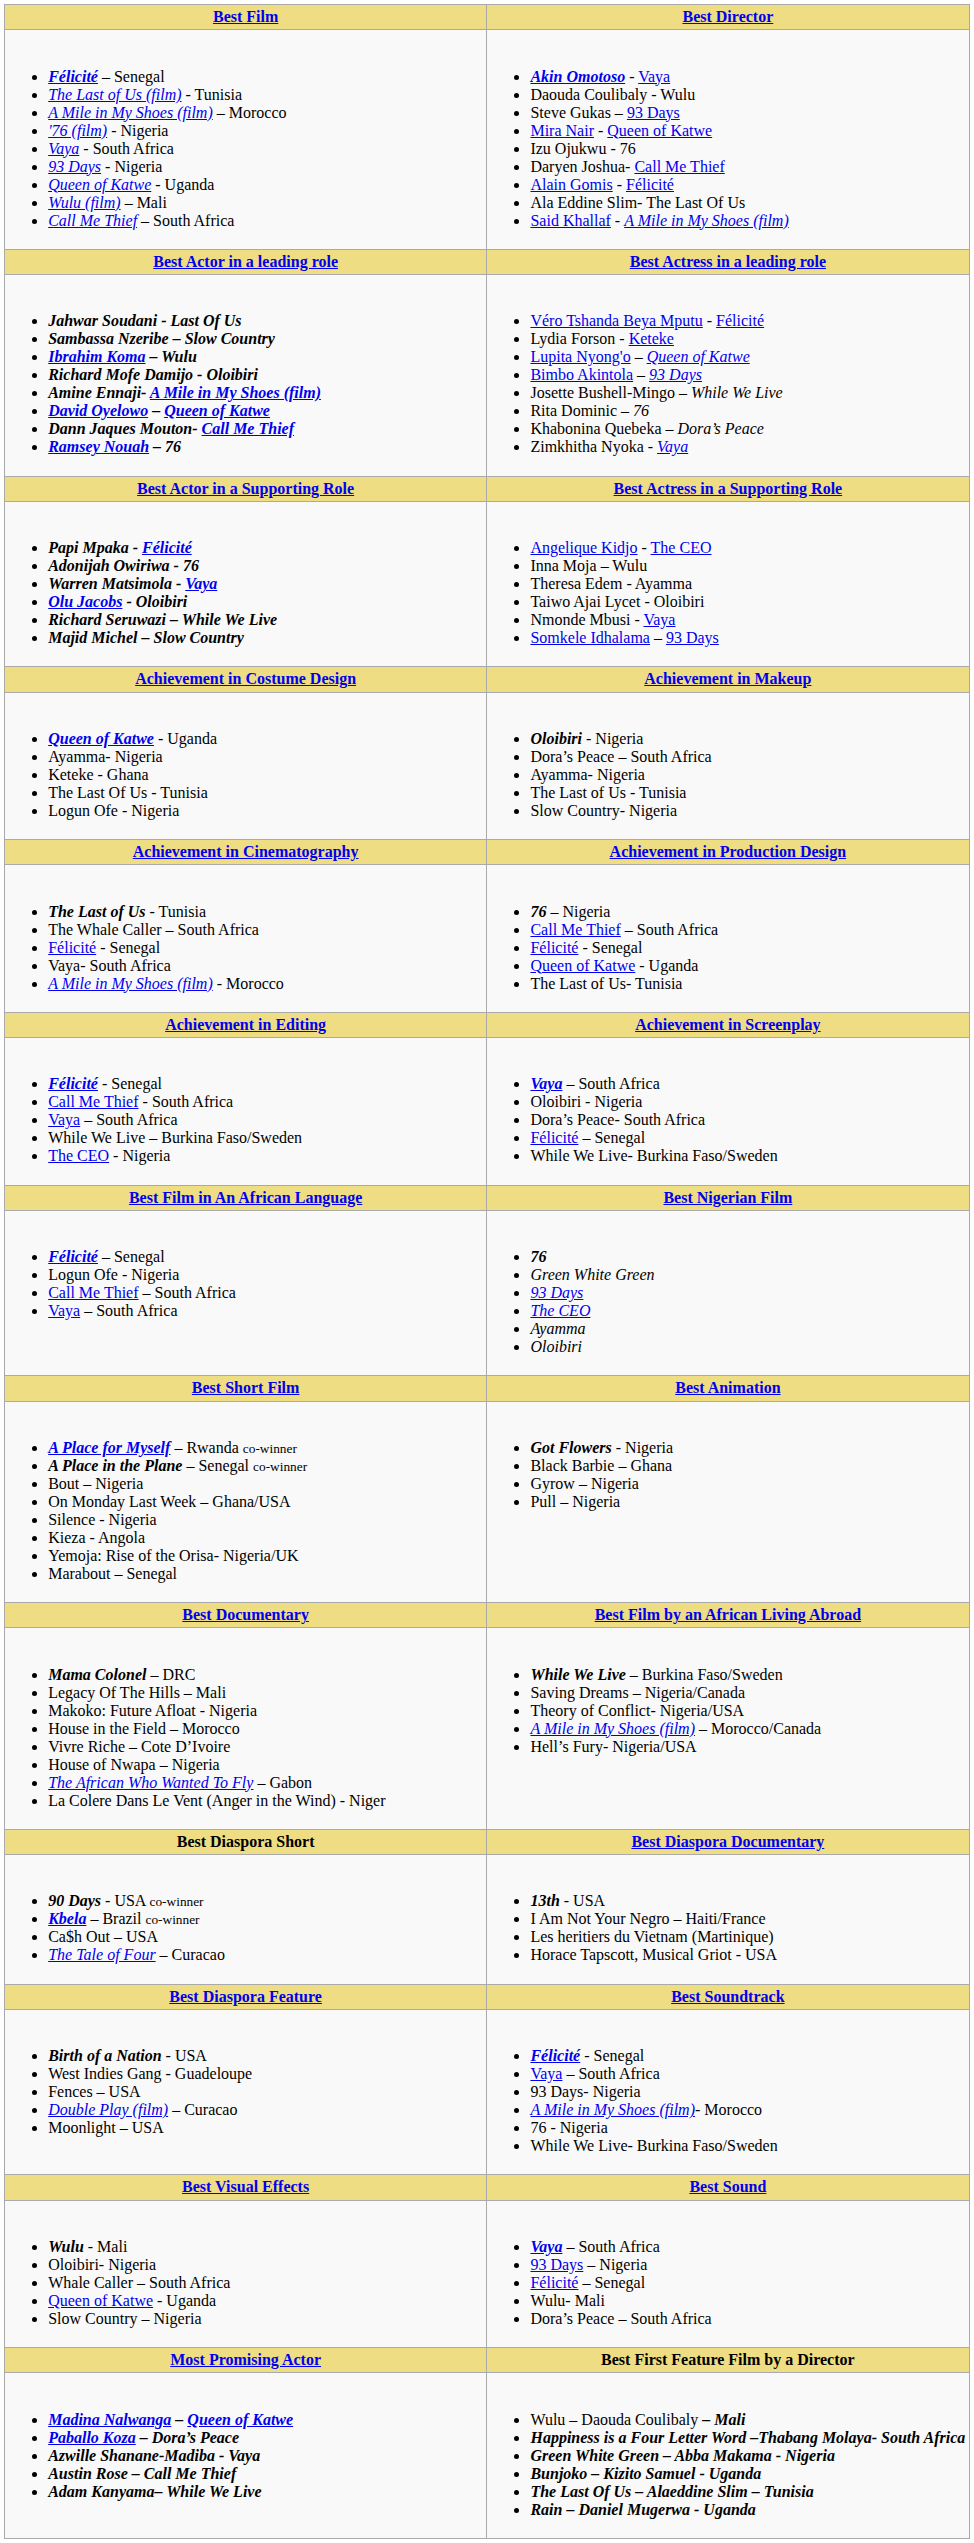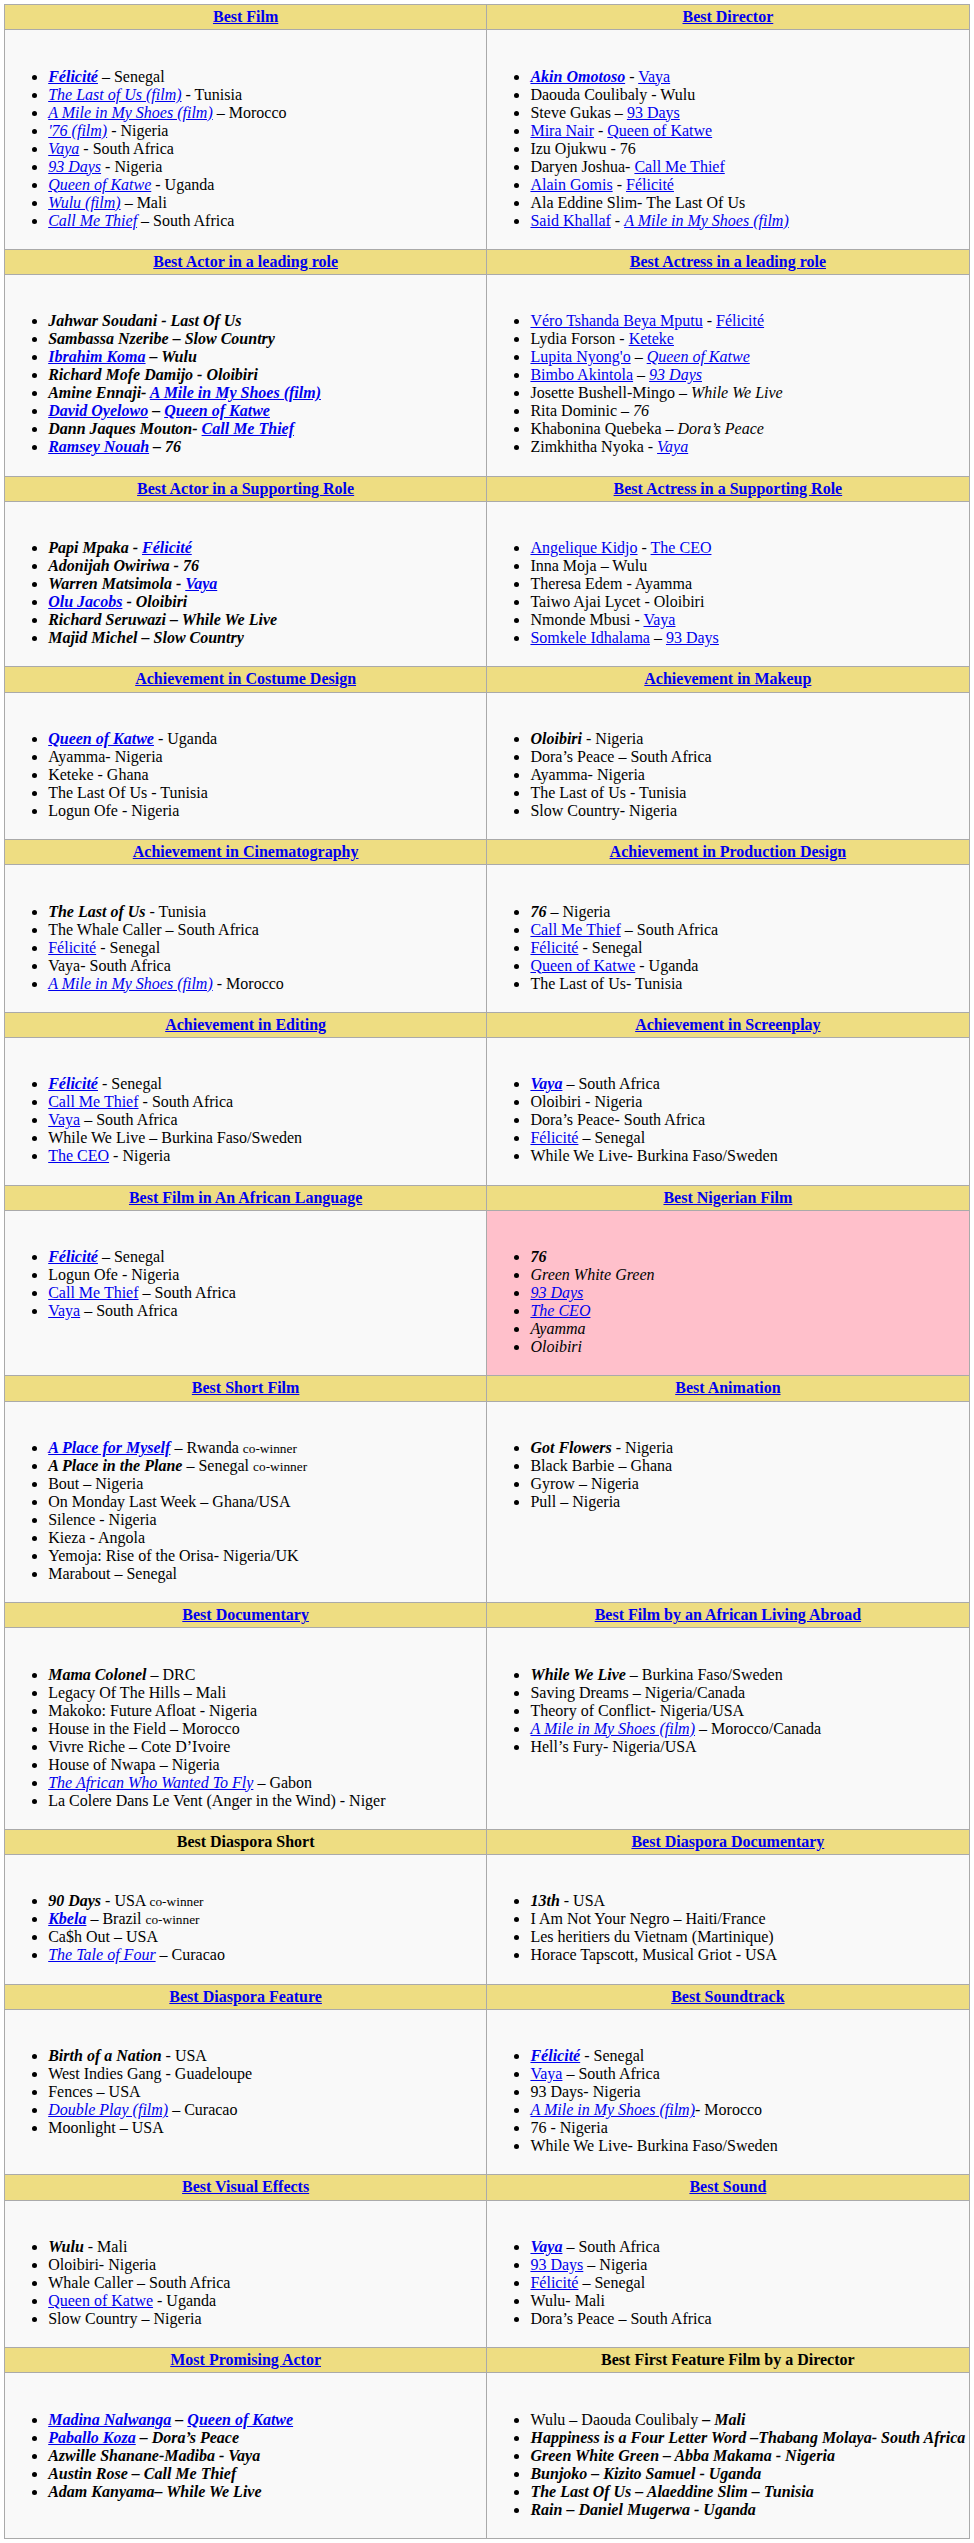 <table class="wikitable">
 <tr>
 <th style="background:#EEDD82; width:50%"><a href='#'>Best Film</a></th>
 <th style="background:#EEDD82; width:50%"><a href='#'>Best Director</a></th>
 </tr>
 <tr>
 <td valign="top"><br><ul><li><strong><em><a href='#'>Félicité</a></em></strong> – Senegal</li><li><em><a href='#'>The Last of Us (film)</a></em> - Tunisia</li><li><em><a href='#'>A Mile in My Shoes (film)</a></em> – Morocco</li><li><em><a href='#'>'76 (film)</a></em> - Nigeria</li><li><em><a href='#'>Vaya</a></em> - South Africa</li><li><em><a href='#'>93 Days</a></em> - Nigeria</li><li><em><a href='#'>Queen of Katwe</a></em> - Uganda</li><li><em><a href='#'>Wulu (film)</a></em> – Mali</li><li><em><a href='#'>Call Me Thief</a></em> – South Africa</li></ul></td>
 <td valign="top"><br><ul><li><strong><em><a href='#'>Akin Omotoso</a></em></strong> - <a href='#'>Vaya</a></li><li>Daouda Coulibaly - Wulu</li><li>Steve Gukas – <a href='#'>93 Days</a></li><li><a href='#'>Mira Nair</a> - <a href='#'>Queen of Katwe</a></li><li>Izu Ojukwu - 76</li><li>Daryen Joshua- <a href='#'>Call Me Thief</a></li><li><a href='#'>Alain Gomis</a> - <a href='#'>Félicité</a></li><li>Ala Eddine Slim- The Last Of Us</li><li><a href='#'>Said Khallaf</a> - <em><a href='#'>A Mile in My Shoes (film)</a></em></li></ul></td>
 </tr>
 <tr>
 <th style="background:#EEDD82; width:50%"><a href='#'>Best Actor in a leading role</a></th>
 <th style="background:#EEDD82; width:50%"><a href='#'>Best Actress in a leading role</a></th>
 </tr>
 <tr>
 <td valign="top"><br><ul><li><strong><em>Jahwar Soudani<strong> - Last Of Us<em></li><li>Sambassa Nzeribe – </em>Slow Country<em></li><li><a href='#'>Ibrahim Koma</a> – </em>Wulu<em></li><li>Richard Mofe Damijo - </em>Oloibiri<em></li><li>Amine Ennaji- </em><a href='#'>A Mile in My Shoes (film)</a><em></li><li><a href='#'>David Oyelowo</a> – </em><a href='#'>Queen of Katwe</a><em></li><li>Dann Jaques Mouton- </em><a href='#'>Call Me Thief</a><em></li><li><a href='#'>Ramsey Nouah</a> – </em>76<em></li></ul></td>
 <td valign="top"><br><ul><li></em></strong><a href='#'>Véro Tshanda Beya Mputu</a></strong> - <a href='#'>Félicité</a></em></li><li>Lydia Forson - <a href='#'>Keteke</a></li><li><a href='#'>Lupita Nyong'o</a> – <em><a href='#'>Queen of Katwe</a></em></li><li><a href='#'>Bimbo Akintola</a> – <em><a href='#'>93 Days</a></em></li><li>Josette Bushell-Mingo – <em>While We Live</em></li><li>Rita Dominic – <em>76</em></li><li>Khabonina Quebeka – <em>Dora’s Peace</em></li><li>Zimkhitha Nyoka - <a href='#'><em>Vaya</em></a></li></ul></td>
 </tr>
 <tr>
 <th style="background:#EEDD82; width:50%"><a href='#'>Best Actor in a Supporting Role</a></th>
 <th style="background:#EEDD82; width:50%"><a href='#'>Best Actress in a Supporting Role</a></th>
 </tr>
 <tr>
 <td valign="top"><br><ul><li><strong><em>Papi Mpaka - <strong> <a href='#'>Félicité</a><em></li><li>Adonijah Owiriwa - </em>76<em></li><li>Warren Matsimola - <a href='#'></em>Vaya<em></a></li><li><a href='#'>Olu Jacobs</a> - </em>Oloibiri<em></li><li>Richard Seruwazi – </em>While We Live<em></li><li>Majid Michel – </em>Slow Country<em></li></ul></td>
 <td valign="top"><br><ul><li></em></strong><a href='#'>Angelique Kidjo</a></strong> - <a href='#'>The CEO</a></em></li><li>Inna Moja – Wulu</li><li>Theresa Edem - Ayamma</li><li>Taiwo Ajai Lycet - Oloibiri</li><li>Nmonde Mbusi - <a href='#'>Vaya</a></li><li><a href='#'>Somkele Idhalama</a> – <a href='#'>93 Days</a></li></ul></td>
 </tr>
 <tr>
 <th style="background:#EEDD82; width:50%"><a href='#'>Achievement in Costume Design</a></th>
 <th style="background:#EEDD82; width:50%"><a href='#'>Achievement in Makeup</a></th>
 </tr>
 <tr>
 <td valign="top"><br><ul><li><strong><em><a href='#'>Queen of Katwe</a></em></strong> - Uganda</li><li>Ayamma- Nigeria</li><li>Keteke - Ghana</li><li>The Last Of Us - Tunisia</li><li>Logun Ofe - Nigeria</li></ul></td>
 <td valign="top"><br><ul><li><strong><em>Oloibiri</em></strong> - Nigeria</li><li>Dora’s Peace – South Africa</li><li>Ayamma- Nigeria</li><li>The Last of Us - Tunisia</li><li>Slow Country- Nigeria</li></ul></td>
 </tr>
 <tr>
 <th style="background:#EEDD82; width:50%"><a href='#'>Achievement in Cinematography</a></th>
 <th style="background:#EEDD82; width:50%"><a href='#'>Achievement in Production Design</a></th>
 </tr>
 <tr>
 <td valign="top"><br><ul><li><strong><em>The Last of Us</em></strong> - Tunisia</li><li>The Whale Caller – South Africa</li><li><a href='#'>Félicité</a> - Senegal</li><li>Vaya- South Africa</li><li><em><a href='#'>A Mile in My Shoes (film)</a></em> - Morocco</li></ul></td>
 <td valign="top"><br><ul><li><strong><em>76</em></strong> – Nigeria</li><li><a href='#'>Call Me Thief</a> – South Africa</li><li><a href='#'>Félicité</a> - Senegal</li><li><a href='#'>Queen of Katwe</a> - Uganda</li><li>The Last of Us- Tunisia</li></ul></td>
 </tr>
 <tr>
 <th style="background:#EEDD82; width:50%"><a href='#'>Achievement in Editing</a></th>
 <th style="background:#EEDD82; width:50%"><a href='#'>Achievement in Screenplay</a></th>
 </tr>
 <tr>
 <td valign="top"><br><ul><li><strong><em><a href='#'>Félicité</a></em></strong> - Senegal</li><li><a href='#'>Call Me Thief</a> - South Africa</li><li><a href='#'>Vaya</a> – South Africa</li><li>While We Live – Burkina Faso/Sweden</li><li><a href='#'>The CEO</a> - Nigeria</li></ul></td>
 <td valign="top"><br><ul><li><strong><em><a href='#'>Vaya</a></em></strong> – South Africa</li><li>Oloibiri - Nigeria</li><li>Dora’s Peace- South Africa</li><li><a href='#'>Félicité</a> – Senegal</li><li>While We Live- Burkina Faso/Sweden</li></ul></td>
 </tr>
 <tr>
 <th style="background:#EEDD82; width:50%"><a href='#'>Best Film in An African Language</a></th>
 <th style="background:#EEDD82; width:50%"><a href='#'>Best Nigerian Film</a></th>
 </tr>
 <tr>
 <td valign="top"><br><ul><li><strong><em><a href='#'>Félicité</a></em></strong> – Senegal</li><li>Logun Ofe - Nigeria</li><li><a href='#'>Call Me Thief</a> – South Africa</li><li><a href='#'>Vaya</a> – South Africa</li></ul></td>
-<td valign="top"><br><ul><li><strong><em>76</em></strong></li><li><em>Green White Green</em></li><li><em><a href='#'>93 Days</a></em></li><li><em><a href='#'>The CEO</a></em></li><li><em>Ayamma</em></li><li><em>Oloibiri</em></li></ul></td>
+<td valign="top" style="background: pink;"><br><ul><li><strong><em>76</em></strong></li><li><em>Green White Green</em></li><li><em><a href='#'>93 Days</a></em></li><li><em><a href='#'>The CEO</a></em></li><li><em>Ayamma</em></li><li><em>Oloibiri</em></li></ul></td>
 </tr>
 <tr>
 <th style="background:#EEDD82; width:50%"><a href='#'>Best Short Film</a></th>
 <th style="background:#EEDD82; width:50%"><a href='#'>Best Animation</a></th>
 </tr>
 <tr>
 <td valign="top"><br><ul><li><strong><em><a href='#'>A Place for Myself</a></em></strong> – Rwanda <small>co-winner</small></li><li><strong><em>A Place in the Plane</em></strong> – Senegal <small>co-winner</small></li><li>Bout – Nigeria</li><li>On Monday Last Week – Ghana/USA</li><li>Silence - Nigeria</li><li>Kieza - Angola</li><li>Yemoja: Rise of the Orisa- Nigeria/UK</li><li>Marabout – Senegal</li></ul></td>
 <td valign="top"><br><ul><li><strong><em>Got Flowers</em></strong> - Nigeria</li><li>Black Barbie – Ghana</li><li>Gyrow – Nigeria</li><li>Pull – Nigeria</li></ul></td>
 </tr>
 <tr>
 <th style="background:#EEDD82; width:50%"><a href='#'>Best Documentary</a></th>
 <th style="background:#EEDD82; width:50%"><a href='#'>Best Film by an African Living Abroad</a></th>
 </tr>
 <tr>
 <td valign="top"><br><ul><li><strong><em>Mama Colonel</em></strong> – DRC</li><li>Legacy Of The Hills – Mali</li><li>Makoko: Future Afloat - Nigeria</li><li>House in the Field – Morocco</li><li>Vivre Riche – Cote D’Ivoire</li><li>House of Nwapa – Nigeria</li><li><em><a href='#'>The African Who Wanted To Fly</a></em> – Gabon</li><li>La Colere Dans Le Vent (Anger in the Wind) - Niger</li></ul></td>
 <td valign="top"><br><ul><li><strong><em>While We Live</em></strong> – Burkina Faso/Sweden</li><li>Saving Dreams – Nigeria/Canada</li><li>Theory of Conflict- Nigeria/USA</li><li><em><a href='#'>A Mile in My Shoes (film)</a></em> – Morocco/Canada</li><li>Hell’s Fury- Nigeria/USA</li></ul></td>
 </tr>
 <tr>
 <th style="background:#EEDD82; width:50%">Best Diaspora Short</th>
 <th style="background:#EEDD82; width:50%"><a href='#'>Best Diaspora Documentary</a></th>
 </tr>
 <tr>
 <td valign="top"><br><ul><li><strong><em>90 Days</em></strong> - USA <small>co-winner</small></li><li><strong><em><a href='#'>Kbela</a></em></strong> – Brazil <small>co-winner</small></li><li>Ca$h Out – USA</li><li><em><a href='#'>The Tale of Four</a></em> – Curacao</li></ul></td>
 <td valign="top"><br><ul><li><strong><em>13th</em></strong> - USA</li><li>I Am Not Your Negro – Haiti/France</li><li>Les heritiers du Vietnam (Martinique)</li><li>Horace Tapscott, Musical Griot - USA</li></ul></td>
 </tr>
 <tr>
 <th style="background:#EEDD82; width:50%"><a href='#'>Best Diaspora Feature</a></th>
 <th style="background:#EEDD82; width:50%"><a href='#'>Best Soundtrack</a></th>
 </tr>
 <tr>
 <td valign="top"><br><ul><li><strong><em>Birth of a Nation</em></strong> - USA</li><li>West Indies Gang - Guadeloupe</li><li>Fences – USA</li><li><em><a href='#'>Double Play (film)</a></em> – Curacao</li><li>Moonlight – USA</li></ul></td>
 <td valign="top"><br><ul><li><strong><em><a href='#'>Félicité</a></em></strong> - Senegal</li><li><a href='#'>Vaya</a> – South Africa</li><li>93 Days- Nigeria</li><li><em><a href='#'>A Mile in My Shoes (film)</a></em>- Morocco</li><li>76 - Nigeria</li><li>While We Live- Burkina Faso/Sweden</li></ul></td>
 </tr>
 <tr>
 <th style="background:#EEDD82; width:50%"><a href='#'>Best Visual Effects</a></th>
 <th style="background:#EEDD82; width:50%"><a href='#'>Best Sound</a></th>
 </tr>
 <tr>
 <td valign="top"><br><ul><li><strong><em>Wulu</em></strong> - Mali</li><li>Oloibiri- Nigeria</li><li>Whale Caller – South Africa</li><li><a href='#'>Queen of Katwe</a> - Uganda</li><li>Slow Country – Nigeria</li></ul></td>
 <td valign="top"><br><ul><li><strong><em><a href='#'>Vaya</a></em></strong> – South Africa</li><li><a href='#'>93 Days</a> – Nigeria</li><li><a href='#'>Félicité</a> – Senegal</li><li>Wulu- Mali</li><li>Dora’s Peace – South Africa</li></ul></td>
 </tr>
 <tr>
 <th style="background:#EEDD82; width:50%"><a href='#'>Most Promising Actor</a></th>
 <th style="background:#EEDD82; width:50%">Best First Feature Film by a Director</th>
 </tr>
 <tr>
 <td valign="top"><br><ul><li><strong><em><a href='#'>Madina Nalwanga</a><strong> – <a href='#'>Queen of Katwe</a><em></li><li><a href='#'>Paballo Koza</a> – Dora’s Peace</li><li>Azwille Shanane-Madiba - Vaya</li><li>Austin Rose – Call Me Thief</li><li>Adam Kanyama– While We Live</li></ul></td>
 <td valign="top"><br><ul><li></em></strong>Wulu – Daouda Coulibaly<strong><em> – Mali</li><li>Happiness is a Four Letter Word –Thabang Molaya- South Africa</li><li>Green White Green – Abba Makama - Nigeria</li><li>Bunjoko – Kizito Samuel - Uganda</li><li>The Last Of Us – Alaeddine Slim – Tunisia</li><li>Rain – Daniel Mugerwa - Uganda</li></ul></td>
 </tr>
 </table>
